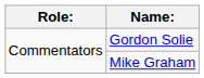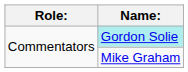 <table class=wikitable style="font-size:90%; margin: 0.5em 0 0.5em 1em; float: right; clear: right;">
 <tr>
 <th>Role:</th>
 <th>Name:</th>
 </tr>
 <tr>
 <td rowspan=2>Commentators</td>
-<td><a href='#'>Gordon Solie</a></td>
+<td style="background: paleturquoise;"><a href='#'>Gordon Solie</a></td>
 </tr>
 <tr>
 <td><a href='#'>Mike Graham</a></td>
 </tr>
 </table>
